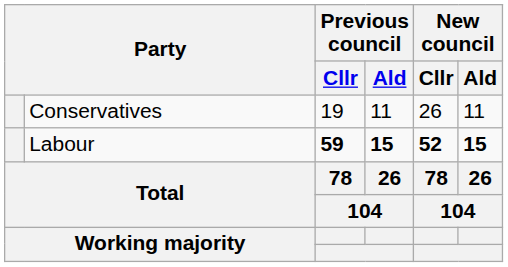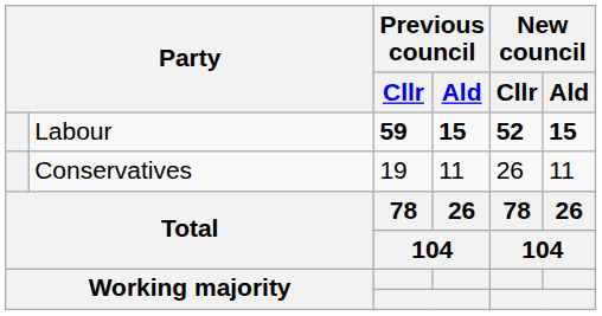 <table class="wikitable">
 <tr>
 <th colspan="2" rowspan="2" style="width: 230px">Party</th>
 <th valign=top colspan="2" style="width: 30px">Previous council</th>
 <th valign=top colspan="2" style="width: 30px">New council</th>
 </tr>
 <tr>
 <th><a href='#'>Cllr</a></th>
 <th><a href='#'>Ald</a></th>
 <th>Cllr</th>
 <th>Ald</th>
 </tr>
 <tr>
 <th style="background-color: "></th>
+<td>Labour</td>
+<td><strong>59</strong></td>
+<td><strong>15</strong></td>
+<td><strong>52</strong></td>
+<td><strong>15</strong></td>
+</tr>
+<tr>
+<th style="background-color: "></th>
 <td>Conservatives</td>
 <td>19</td>
 <td>11</td>
 <td>26</td>
 <td>11</td>
-</tr>
-<tr>
-<th style="background-color: "></th>
-<td>Labour</td>
-<td><strong>59</strong></td>
-<td><strong>15</strong></td>
-<td><strong>52</strong></td>
-<td><strong>15</strong></td>
 </tr>
 <tr>
 <th colspan="2" rowspan="2">Total</th>
 <th style="text-align: center">78</th>
 <th style="text-align: center">26</th>
 <th style="text-align: center">78</th>
 <th style="text-align: center">26</th>
 </tr>
 <tr>
 <th colspan="2" style="text-align: center">104</th>
 <th colspan="2" style="text-align: center">104</th>
 </tr>
 <tr>
 <th colspan="2" rowspan="2">Working majority</th>
 <th></th>
 <th></th>
 <th></th>
 <th></th>
 </tr>
 <tr>
 <th colspan="2"></th>
 <th colspan="2"></th>
 </tr>
 </table>
